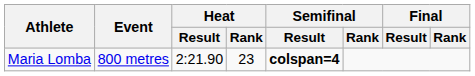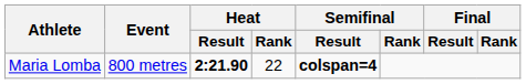 <table class=wikitable style=font-size:90%>
 <tr>
 <th rowspan=2>Athlete</th>
 <th rowspan=2>Event</th>
 <th colspan=2>Heat</th>
 <th colspan=2>Semifinal</th>
 <th colspan=2>Final</th>
 </tr>
 <tr style=font-size:95%>
 <th>Result</th>
 <th>Rank</th>
 <th>Result</th>
 <th>Rank</th>
 <th>Result</th>
 <th>Rank</th>
 </tr>
 <tr align=center>
 <td align=left><a href='#'>Maria Lomba</a></td>
 <td align=left><a href='#'>800 metres</a></td>
-<td>2:21.90</td>
-<td>23</td>
+<td><strong>2:21.90</strong></td>
+<td>22</td>
 <td><strong>colspan=4 </strong></td>
 </tr>
 </table>
